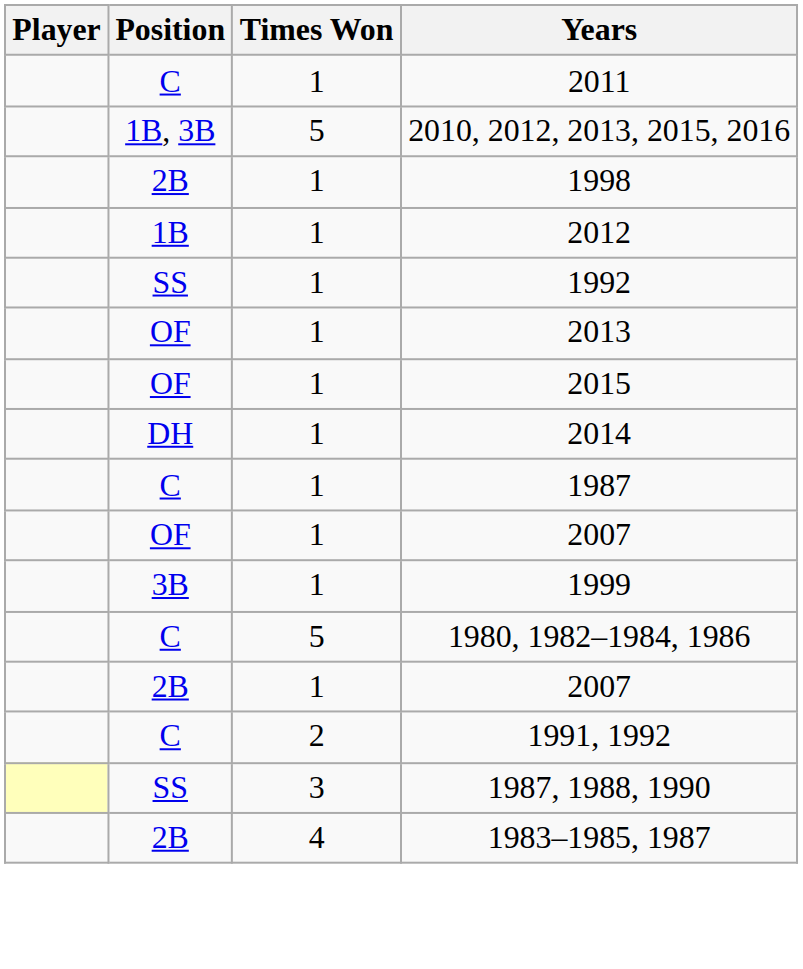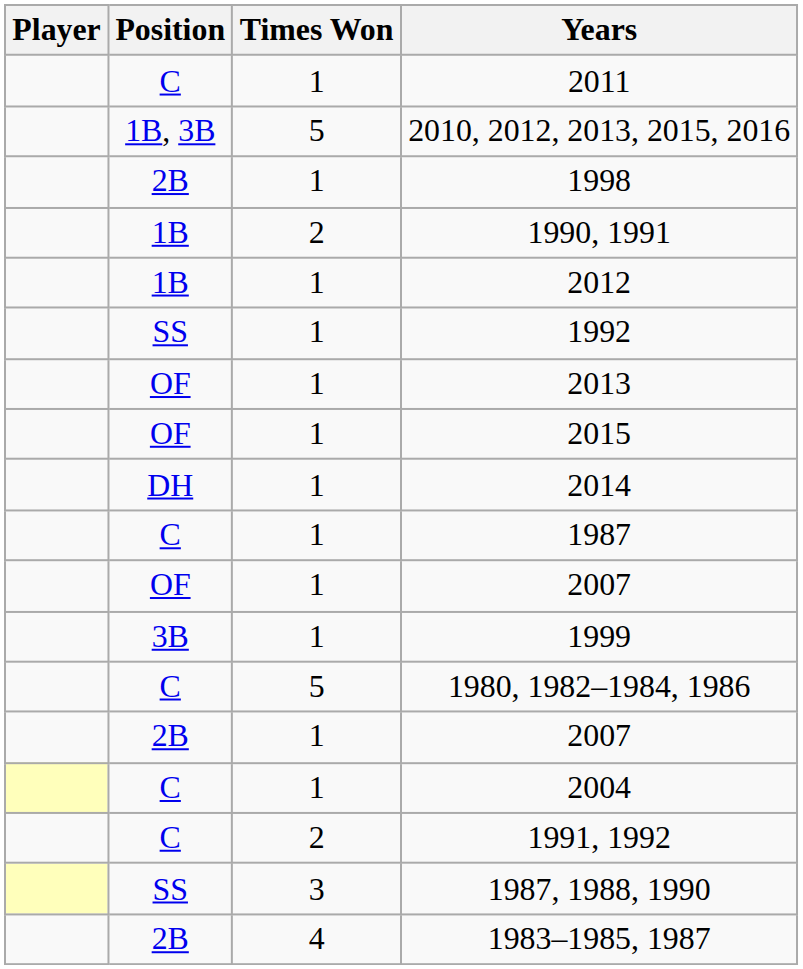 <table class="wikitable sortable" style="text-align:center;">
 <tr>
 <th scope="col">Player</th>
 <th scope="col">Position</th>
 <th scope="col">Times Won</th>
 <th scope="col">Years</th>
 </tr>
 <tr>
 <td scope="row"></td>
 <td><a href='#'>C</a></td>
 <td style="text-align:center;">1</td>
 <td>2011</td>
 </tr>
 <tr>
 <td scope="row"></td>
 <td><a href='#'>1B</a>, <a href='#'>3B</a></td>
 <td style="text-align:center;">5</td>
 <td>2010, 2012, 2013, 2015, 2016</td>
 </tr>
 <tr>
 <td scope="row"></td>
 <td><a href='#'>2B</a></td>
 <td style="text-align:center;">1</td>
 <td>1998</td>
+</tr>
+<tr>
+<td scope="row"></td>
+<td><a href='#'>1B</a></td>
+<td style="text-align:center;">2</td>
+<td>1990, 1991</td>
 </tr>
 <tr>
 <td scope="row"></td>
 <td><a href='#'>1B</a></td>
 <td style="text-align:center;">1</td>
 <td>2012</td>
 </tr>
 <tr>
 <td scope="row"></td>
 <td><a href='#'>SS</a></td>
 <td style="text-align:center;">1</td>
 <td>1992</td>
 </tr>
 <tr>
 <td scope="row"></td>
 <td><a href='#'>OF</a></td>
 <td style="text-align:center;">1</td>
 <td>2013</td>
 </tr>
 <tr>
 <td scope="row"></td>
 <td><a href='#'>OF</a></td>
 <td style="text-align:center;">1</td>
 <td>2015</td>
 </tr>
 <tr>
 <td scope="row"></td>
 <td><a href='#'>DH</a></td>
 <td style="text-align:center;">1</td>
 <td>2014</td>
 </tr>
 <tr>
 <td scope="row"></td>
 <td><a href='#'>C</a></td>
 <td style="text-align:center;">1</td>
 <td>1987</td>
 </tr>
 <tr>
 <td scope="row"></td>
 <td><a href='#'>OF</a></td>
 <td style="text-align:center;">1</td>
 <td>2007</td>
 </tr>
 <tr>
 <td scope="row"></td>
 <td><a href='#'>3B</a></td>
 <td style="text-align:center;">1</td>
 <td>1999</td>
 </tr>
 <tr>
 <td scope="row"></td>
 <td><a href='#'>C</a></td>
 <td style="text-align:center;">5</td>
 <td>1980, 1982–1984, 1986</td>
 </tr>
 <tr>
 <td scope="row"></td>
 <td><a href='#'>2B</a></td>
 <td style="text-align:center;">1</td>
 <td>2007</td>
 </tr>
 <tr>
+<td scope="row" bgcolor="#FFFFBB"></td>
+<td><a href='#'>C</a></td>
+<td style="text-align:center;">1</td>
+<td>2004</td>
+</tr>
+<tr>
 <td scope="row"></td>
 <td><a href='#'>C</a></td>
 <td style="text-align:center;">2</td>
 <td>1991, 1992</td>
 </tr>
 <tr>
 <td scope="row" bgcolor="#FFFFBB"></td>
 <td><a href='#'>SS</a></td>
 <td style="text-align:center;">3</td>
 <td>1987, 1988, 1990</td>
 </tr>
 <tr>
 <td scope="row"></td>
 <td><a href='#'>2B</a></td>
 <td style="text-align:center;">4</td>
 <td>1983–1985, 1987</td>
 </tr>
 </table>
